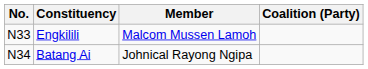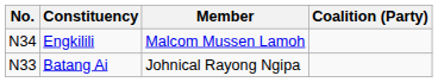 <table class="wikitable">
 <tr>
 <th>No.</th>
 <th>Constituency</th>
 <th>Member</th>
 <th>Coalition (Party)</th>
 </tr>
 <tr>
-<td>N33</td>
+<td>N34</td>
 <td><a href='#'>Engkilili</a></td>
 <td><a href='#'>Malcom Mussen Lamoh</a></td>
 <td></td>
 </tr>
 <tr>
-<td>N34</td>
+<td>N33</td>
 <td><a href='#'>Batang Ai</a></td>
 <td>Johnical Rayong Ngipa</td>
 <td></td>
 </tr>
 </table>
